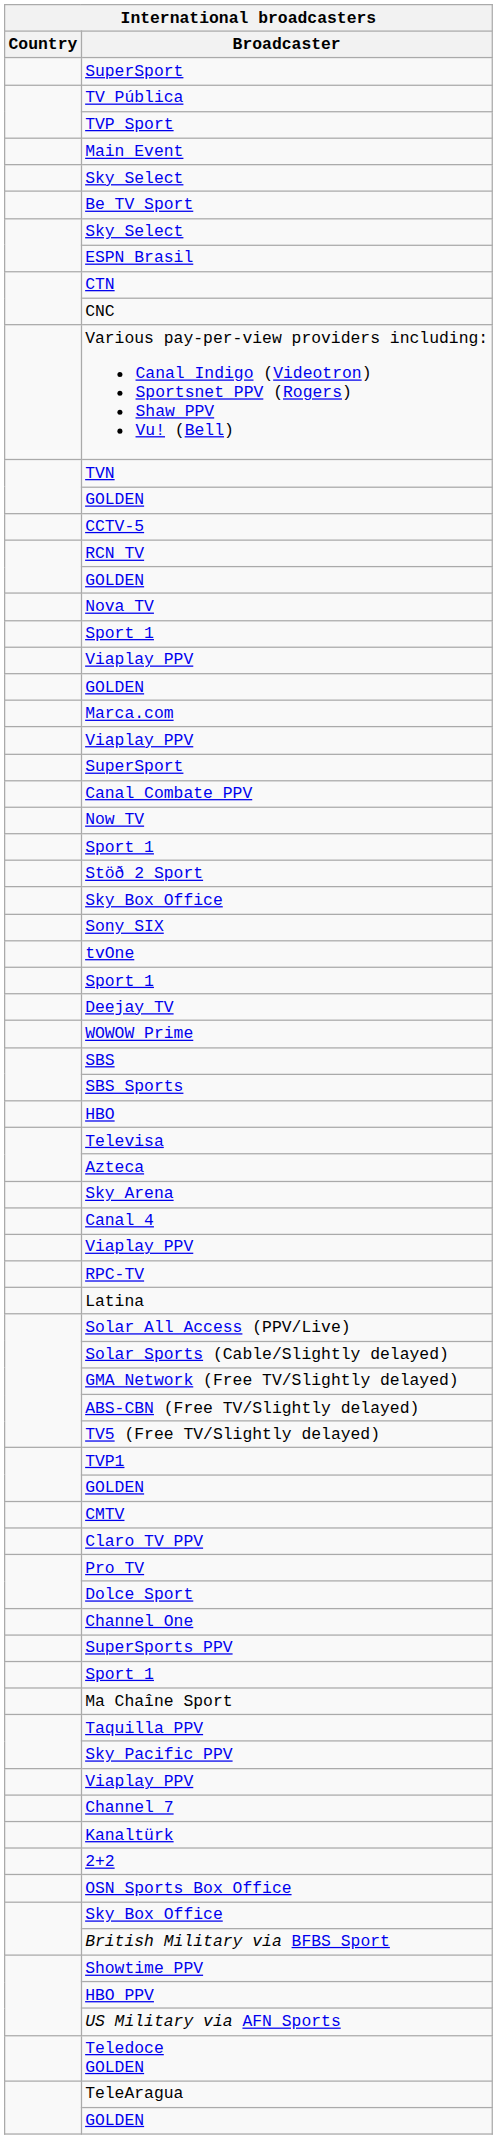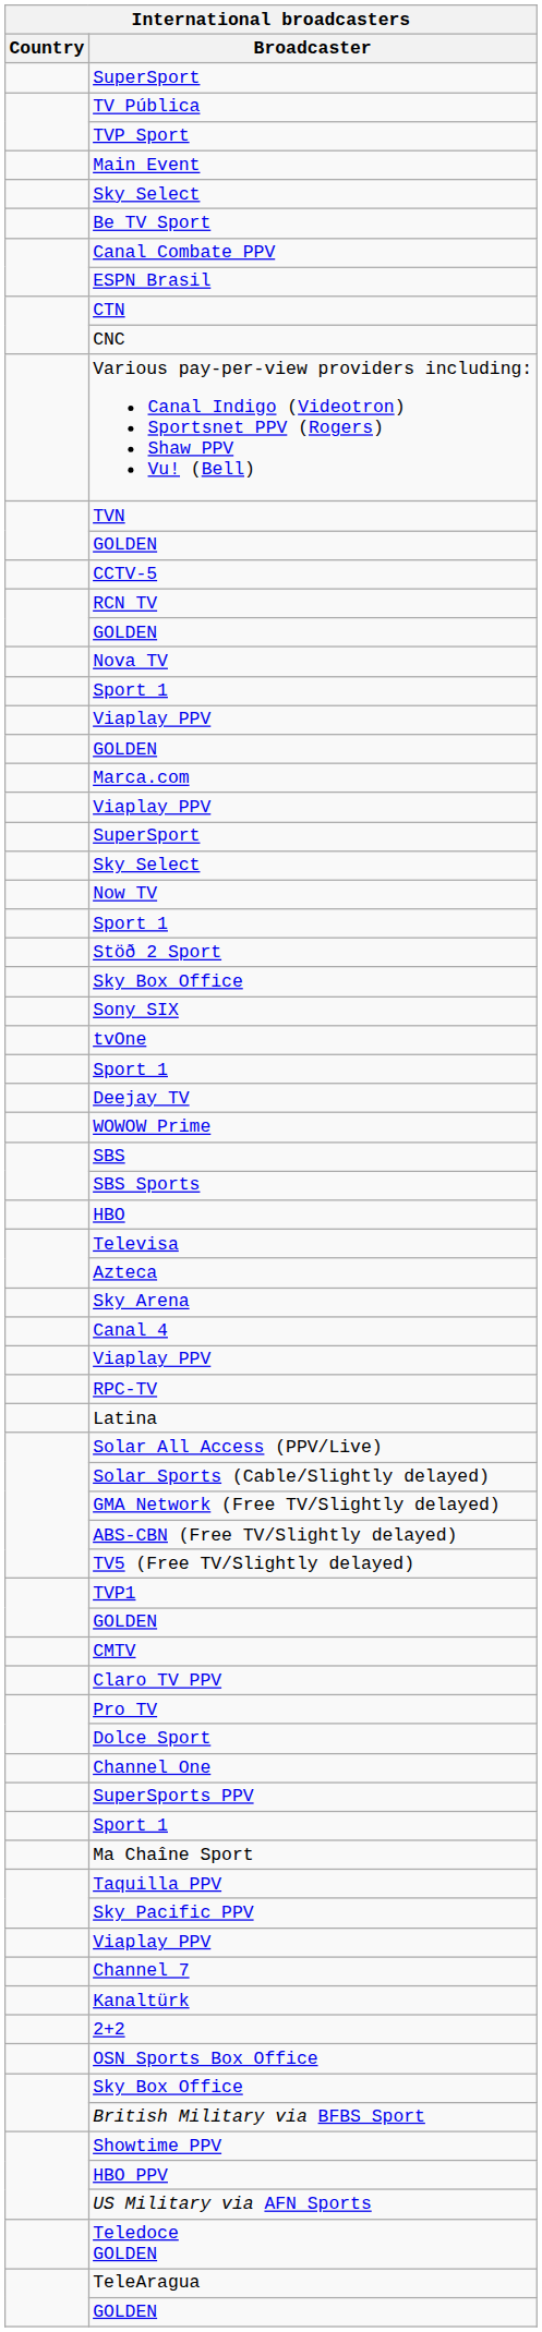 <table class="wikitable collapsible collapsed" font-size:95%;">
 <tr>
 <th colspan=2>International broadcasters</th>
 </tr>
 <tr>
 <th align=center>Country</th>
 <th align=center>Broadcaster</th>
 </tr>
 <tr>
 <td></td>
 <td><a href='#'>SuperSport</a></td>
 </tr>
 <tr>
 <td style="text-align:left;" rowspan="2"></td>
 <td><a href='#'>TV Pública</a></td>
 </tr>
 <tr>
 <td><a href='#'>TVP Sport</a></td>
 </tr>
 <tr>
 <td></td>
 <td><a href='#'>Main Event</a></td>
 </tr>
 <tr>
 <td></td>
 <td><a href='#'>Sky Select</a></td>
 </tr>
 <tr>
 <td></td>
 <td><a href='#'>Be TV Sport</a></td>
 </tr>
 <tr>
 <td style="text-align:left;" rowspan="2"></td>
-<td><a href='#'>Sky Select</a></td>
+<td><a href='#'>Canal Combate PPV</a></td>
 </tr>
 <tr>
 <td><a href='#'>ESPN Brasil</a></td>
 </tr>
 <tr>
 <td style="text-align:left;" rowspan="2"></td>
 <td><a href='#'>CTN</a></td>
 </tr>
 <tr>
 <td>CNC</td>
 </tr>
 <tr>
 <td style="text-align:left;"></td>
 <td>Various pay-per-view providers including:<br><ul><li><a href='#'>Canal Indigo</a> (<a href='#'>Videotron</a>)</li><li><a href='#'>Sportsnet PPV</a> (<a href='#'>Rogers</a>)</li><li><a href='#'>Shaw PPV</a></li><li><a href='#'>Vu!</a> (<a href='#'>Bell</a>)</li></ul></td>
 </tr>
 <tr>
 <td style="text-align:left;" rowspan="2"></td>
 <td><a href='#'>TVN</a></td>
 </tr>
 <tr>
 <td><a href='#'>GOLDEN</a></td>
 </tr>
 <tr>
 <td></td>
 <td><a href='#'>CCTV-5</a></td>
 </tr>
 <tr>
 <td style="text-align:left;" rowspan="2"></td>
 <td><a href='#'>RCN TV</a></td>
 </tr>
 <tr>
 <td><a href='#'>GOLDEN</a></td>
 </tr>
 <tr>
 <td></td>
 <td><a href='#'>Nova TV</a></td>
 </tr>
 <tr>
 <td></td>
 <td><a href='#'>Sport 1</a></td>
 </tr>
 <tr>
 <td></td>
 <td><a href='#'>Viaplay PPV</a></td>
 </tr>
 <tr>
 <td></td>
 <td><a href='#'>GOLDEN</a></td>
 </tr>
 <tr>
 <td></td>
 <td><a href='#'>Marca.com</a></td>
 </tr>
 <tr>
 <td></td>
 <td><a href='#'>Viaplay PPV</a></td>
 </tr>
 <tr>
 <td></td>
 <td><a href='#'>SuperSport</a></td>
 </tr>
 <tr>
 <td></td>
-<td><a href='#'>Canal Combate PPV</a></td>
+<td><a href='#'>Sky Select</a></td>
 </tr>
 <tr>
 <td></td>
 <td><a href='#'>Now TV</a></td>
 </tr>
 <tr>
 <td></td>
 <td><a href='#'>Sport 1</a></td>
 </tr>
 <tr>
 <td></td>
 <td><a href='#'>Stöð 2 Sport</a></td>
 </tr>
 <tr>
 <td></td>
 <td><a href='#'>Sky Box Office</a></td>
 </tr>
 <tr>
 <td></td>
 <td><a href='#'>Sony SIX</a></td>
 </tr>
 <tr>
 <td></td>
 <td><a href='#'>tvOne</a></td>
 </tr>
 <tr>
 <td></td>
 <td><a href='#'>Sport 1</a></td>
 </tr>
 <tr>
 <td></td>
 <td><a href='#'>Deejay TV</a></td>
 </tr>
 <tr>
 <td></td>
 <td><a href='#'>WOWOW Prime</a></td>
 </tr>
 <tr>
 <td style="text-align:left;" rowspan="2"></td>
 <td><a href='#'>SBS</a></td>
 </tr>
 <tr>
 <td><a href='#'>SBS Sports</a></td>
 </tr>
 <tr>
 <td></td>
 <td><a href='#'>HBO</a></td>
 </tr>
 <tr>
 <td style="text-align:left;" rowspan="2"></td>
 <td><a href='#'>Televisa</a></td>
 </tr>
 <tr>
 <td><a href='#'>Azteca</a></td>
 </tr>
 <tr>
 <td></td>
 <td><a href='#'>Sky Arena</a></td>
 </tr>
 <tr>
 <td></td>
 <td><a href='#'>Canal 4</a></td>
 </tr>
 <tr>
 <td></td>
 <td><a href='#'>Viaplay PPV</a></td>
 </tr>
 <tr>
 <td></td>
 <td><a href='#'>RPC-TV</a></td>
 </tr>
 <tr>
 <td></td>
 <td>Latina</td>
 </tr>
 <tr>
 <td style="text-align:left;" rowspan="5"></td>
 <td><a href='#'>Solar All Access</a> (PPV/Live)</td>
 </tr>
 <tr>
 <td><a href='#'>Solar Sports</a> (Cable/Slightly delayed)</td>
 </tr>
 <tr>
 <td><a href='#'>GMA Network</a> (Free TV/Slightly delayed)</td>
 </tr>
 <tr>
 <td><a href='#'>ABS-CBN</a> (Free TV/Slightly delayed)</td>
 </tr>
 <tr>
 <td><a href='#'>TV5</a> (Free TV/Slightly delayed)</td>
 </tr>
 <tr>
 <td style="text-align:left;" rowspan="2"></td>
 <td><a href='#'>TVP1</a></td>
 </tr>
 <tr>
 <td><a href='#'>GOLDEN</a></td>
 </tr>
 <tr>
 <td></td>
 <td><a href='#'>CMTV</a></td>
 </tr>
 <tr>
 <td></td>
 <td><a href='#'>Claro TV PPV</a></td>
 </tr>
 <tr>
 <td style="text-align:left;" rowspan="2"></td>
 <td><a href='#'>Pro TV</a></td>
 </tr>
 <tr>
 <td><a href='#'>Dolce Sport</a></td>
 </tr>
 <tr>
 <td></td>
 <td><a href='#'>Channel One</a></td>
 </tr>
 <tr>
 <td></td>
 <td><a href='#'>SuperSports PPV</a></td>
 </tr>
 <tr>
 <td></td>
 <td><a href='#'>Sport 1</a></td>
 </tr>
 <tr>
 <td></td>
 <td>Ma Chaîne Sport</td>
 </tr>
 <tr>
 <td style="text-align:left;" rowspan="2"></td>
 <td><a href='#'>Taquilla PPV</a></td>
 </tr>
 <tr>
 <td><a href='#'>Sky Pacific PPV</a></td>
 </tr>
 <tr>
 <td></td>
 <td><a href='#'>Viaplay PPV</a></td>
 </tr>
 <tr>
 <td></td>
 <td><a href='#'>Channel 7</a></td>
 </tr>
 <tr>
 <td></td>
 <td><a href='#'>Kanaltürk</a></td>
 </tr>
 <tr>
 <td></td>
 <td><a href='#'>2+2</a></td>
 </tr>
 <tr>
 <td></td>
 <td><a href='#'>OSN Sports Box Office</a></td>
 </tr>
 <tr>
 <td style="text-align:left;" rowspan="2"></td>
 <td><a href='#'>Sky Box Office</a></td>
 </tr>
 <tr>
 <td><em>British Military via</em> <a href='#'>BFBS Sport</a></td>
 </tr>
 <tr>
 <td style="text-align:left;" rowspan="3"></td>
 <td><a href='#'>Showtime PPV</a></td>
 </tr>
 <tr>
 <td><a href='#'>HBO PPV</a></td>
 </tr>
 <tr>
 <td><em>US Military via</em> <a href='#'>AFN Sports</a></td>
 </tr>
 <tr>
 <td></td>
 <td><a href='#'>Teledoce</a><br><a href='#'>GOLDEN</a></td>
 </tr>
 <tr>
 <td style="text-align:left;" rowspan="2"></td>
 <td>TeleAragua</td>
 </tr>
 <tr>
 <td><a href='#'>GOLDEN</a></td>
 </tr>
 </table>
